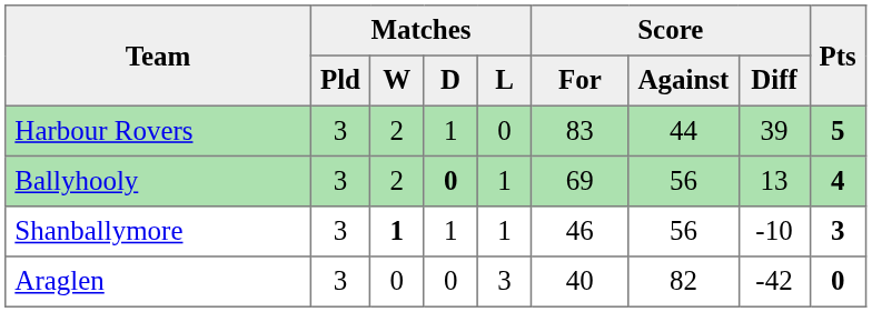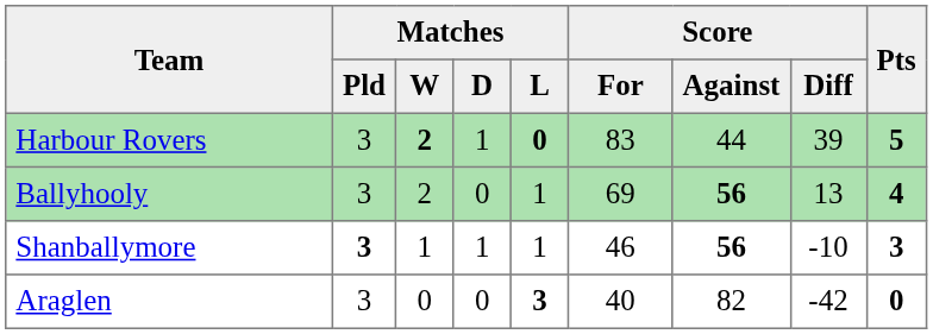 <table style=border-collapse:collapse border=1 cellspacing=0 cellpadding=5>
 <tr align=center bgcolor=#efefef>
 <th rowspan=2 width=165>Team</th>
 <th colspan=4>Matches</th>
 <th colspan=3>Score</th>
 <th rowspan=2width=20>Pts</th>
 </tr>
 <tr align=center bgcolor=#efefef>
 <th width=20>Pld</th>
 <th width=20>W</th>
 <th width=20>D</th>
 <th width=20>L</th>
 <th width=45>For</th>
 <th width=45>Against</th>
 <th width=30>Diff</th>
 </tr>
 <tr align=center style="background:#ACE1AF;">
 <td style="text-align:left;"><a href='#'>Harbour Rovers</a></td>
 <td>3</td>
-<td>2</td>
+<td><strong>2</strong></td>
 <td>1</td>
-<td>0</td>
+<td><strong>0</strong></td>
 <td>83</td>
 <td>44</td>
 <td>39</td>
 <td><strong>5</strong></td>
 </tr>
 <tr align=center style="background:#ACE1AF;">
 <td style="text-align:left;"><a href='#'>Ballyhooly</a></td>
 <td>3</td>
 <td>2</td>
-<td><strong>0</strong></td>
+<td>0</td>
 <td>1</td>
 <td>69</td>
-<td>56</td>
+<td><strong>56</strong></td>
 <td>13</td>
 <td><strong>4</strong></td>
 </tr>
 <tr align=center>
 <td style="text-align:left;"><a href='#'>Shanballymore</a></td>
-<td>3</td>
-<td><strong>1</strong></td>
+<td><strong>3</strong></td>
+<td>1</td>
 <td>1</td>
 <td>1</td>
 <td>46</td>
-<td>56</td>
+<td><strong>56</strong></td>
 <td>-10</td>
 <td><strong>3</strong></td>
 </tr>
 <tr align=center>
 <td style="text-align:left;"><a href='#'>Araglen</a></td>
 <td>3</td>
 <td>0</td>
 <td>0</td>
-<td>3</td>
+<td><strong>3</strong></td>
 <td>40</td>
 <td>82</td>
 <td>-42</td>
 <td><strong>0</strong></td>
 </tr>
 </table>
